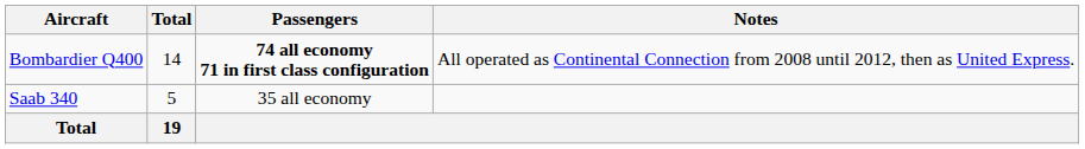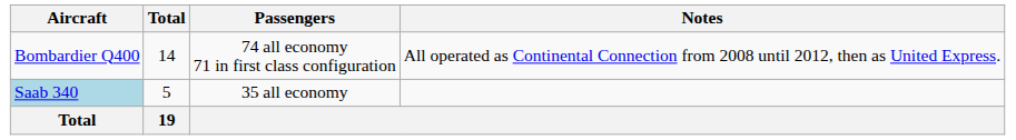 <table class="wikitable" style="border-collapse:collapse;margin:auto;">
 <tr>
 <th>Aircraft</th>
 <th>Total</th>
 <th>Passengers</th>
 <th>Notes</th>
 </tr>
 <tr>
 <td><a href='#'>Bombardier Q400</a></td>
 <td align=center>14</td>
-<td align=center><strong>74 all economy<br>71 in first class configuration</strong></td>
+<td align=center>74 all economy<br>71 in first class configuration</td>
 <td>All operated as <a href='#'>Continental Connection</a> from 2008 until 2012, then as <a href='#'>United Express</a>.</td>
 </tr>
 <tr>
-<td><a href='#'>Saab 340</a></td>
+<td style="background: lightblue;"><a href='#'>Saab 340</a></td>
 <td align=center>5</td>
 <td align=center>35 all economy</td>
 <td></td>
 </tr>
 <tr>
 <th>Total</th>
 <th>19</th>
 <th colspan=2></th>
 </tr>
 </table>
